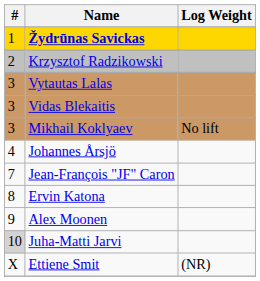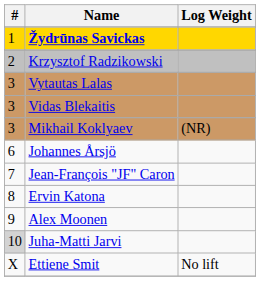 <table class="wikitable" style="display: inline-table">
 <tr>
 <th>#</th>
 <th>Name</th>
 <th>Log Weight</th>
 </tr>
 <tr>
 </tr>
 <tr style="background:gold;">
 <td>1</td>
 <td> <strong><a href='#'>Žydrūnas Savickas</a></strong></td>
 <td></td>
 </tr>
 <tr>
 </tr>
 <tr style="background:silver;">
 <td>2</td>
 <td> <a href='#'>Krzysztof Radzikowski</a></td>
 <td></td>
 </tr>
 <tr>
 </tr>
 <tr style="background:#c96;">
 <td>3</td>
 <td> <a href='#'>Vytautas Lalas</a></td>
 <td></td>
 </tr>
 <tr>
 </tr>
 <tr style="background:#c96;">
 <td>3</td>
 <td> <a href='#'>Vidas Blekaitis</a></td>
 <td></td>
 </tr>
 <tr>
 </tr>
 <tr style="background:#c96;">
 <td>3</td>
 <td> <a href='#'>Mikhail Koklyaev</a></td>
-<td>No lift</td>
+<td> (NR)</td>
 </tr>
 <tr>
-<td>4</td>
+<td>6</td>
 <td> <a href='#'>Johannes Årsjö</a></td>
 <td></td>
 </tr>
 <tr>
 <td>7</td>
 <td><a href='#'>Jean-François "JF" Caron</a></td>
 <td></td>
 </tr>
 <tr>
 <td>8</td>
 <td> <a href='#'>Ervin Katona</a></td>
 <td></td>
 </tr>
 <tr>
 <td>9</td>
 <td> <a href='#'>Alex Moonen</a></td>
 <td></td>
 </tr>
 <tr>
 <td style="background: lightgrey;">10</td>
 <td> <a href='#'>Juha-Matti Jarvi</a></td>
 <td></td>
 </tr>
 <tr>
 <td>X</td>
 <td> <a href='#'>Ettiene Smit</a></td>
-<td> (NR)</td>
+<td>No lift</td>
 </tr>
 <tr>
 </tr>
 </table>
